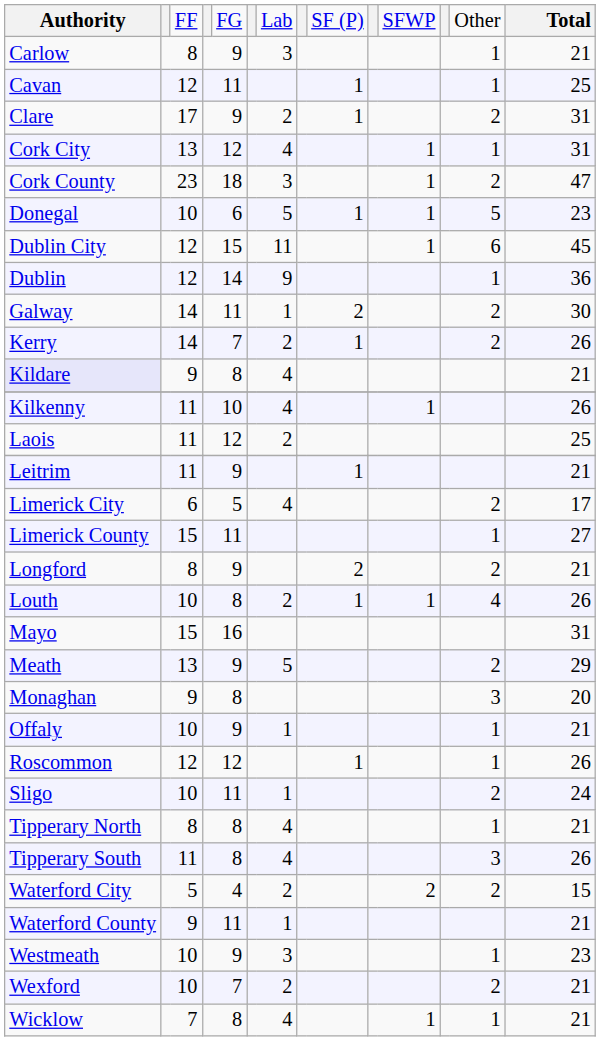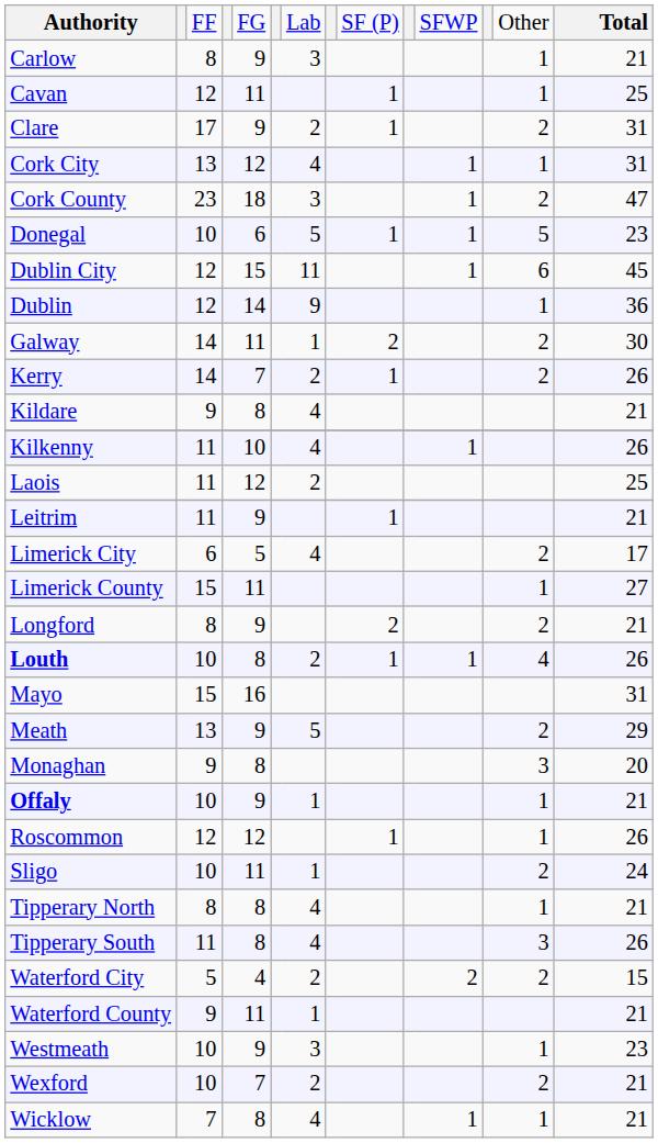 <table class="wikitable" style="text-align:right; padding-left:1em">
 <tr>
 <th align="left">Authority</th>
 <th style="background-color: "></th>
 <td><a href='#'>FF</a></td>
 <th style="background-color: "></th>
 <td><a href='#'>FG</a></td>
 <th style="background-color: "></th>
 <td><a href='#'>Lab</a></td>
 <th style="background-color: "></th>
 <td><a href='#'>SF (P)</a></td>
 <th style="background-color: "></th>
 <td><a href='#'>SFWP</a></td>
 <th style="background-color: "></th>
 <td>Other</td>
 <th style="padding-left:2em">Total</th>
 </tr>
 <tr>
 <td align="left"><a href='#'>Carlow</a></td>
 <td colspan="2">8</td>
 <td colspan="2">9</td>
 <td colspan="2">3</td>
 <td colspan="2"></td>
 <td colspan="2"></td>
 <td colspan="2">1</td>
 <td>21</td>
 </tr>
 <tr bgcolor="F3F3FF">
 <td align="left"><a href='#'>Cavan</a></td>
 <td colspan="2">12</td>
 <td colspan="2">11</td>
 <td colspan="2"></td>
 <td colspan="2">1</td>
 <td colspan="2"></td>
 <td colspan="2">1</td>
 <td>25</td>
 </tr>
 <tr>
 <td align="left"><a href='#'>Clare</a></td>
 <td colspan="2">17</td>
 <td colspan="2">9</td>
 <td colspan="2">2</td>
 <td colspan="2">1</td>
 <td colspan="2"></td>
 <td colspan="2">2</td>
 <td>31</td>
 </tr>
 <tr bgcolor="F3F3FF">
 <td align="left"><a href='#'>Cork City</a></td>
 <td colspan="2">13</td>
 <td colspan="2">12</td>
 <td colspan="2">4</td>
 <td colspan="2"></td>
 <td colspan="2">1</td>
 <td colspan="2">1</td>
 <td>31</td>
 </tr>
 <tr>
 <td align="left"><a href='#'>Cork County</a></td>
 <td colspan="2">23</td>
 <td colspan="2">18</td>
 <td colspan="2">3</td>
 <td colspan="2"></td>
 <td colspan="2">1</td>
 <td colspan="2">2</td>
 <td>47</td>
 </tr>
 <tr bgcolor="F3F3FF">
 <td align="left"><a href='#'>Donegal</a></td>
 <td colspan="2">10</td>
 <td colspan="2">6</td>
 <td colspan="2">5</td>
 <td colspan="2">1</td>
 <td colspan="2">1</td>
 <td colspan="2">5 </td>
 <td>23</td>
 </tr>
 <tr>
 <td align="left"><a href='#'>Dublin City</a></td>
 <td colspan="2">12</td>
 <td colspan="2">15</td>
 <td colspan="2">11</td>
 <td colspan="2"></td>
 <td colspan="2">1</td>
 <td colspan="2">6 </td>
 <td>45</td>
 </tr>
 <tr bgcolor="F3F3FF">
 <td align="left"><a href='#'>Dublin</a></td>
 <td colspan="2">12</td>
 <td colspan="2">14</td>
 <td colspan="2">9</td>
 <td colspan="2"></td>
 <td colspan="2"></td>
 <td colspan="2">1</td>
 <td>36</td>
 </tr>
 <tr>
 <td align="left"><a href='#'>Galway</a></td>
 <td colspan="2">14</td>
 <td colspan="2">11</td>
 <td colspan="2">1</td>
 <td colspan="2">2</td>
 <td colspan="2"></td>
 <td colspan="2">2</td>
 <td>30</td>
 </tr>
 <tr bgcolor="F3F3FF">
 <td align="left"><a href='#'>Kerry</a></td>
 <td colspan="2">14</td>
 <td colspan="2">7</td>
 <td colspan="2">2</td>
 <td colspan="2">1</td>
 <td colspan="2"></td>
 <td colspan="2">2</td>
 <td>26</td>
 </tr>
 <tr>
-<td align="left" style="background: lavender;"><a href='#'>Kildare</a></td>
+<td align="left"><a href='#'>Kildare</a></td>
 <td colspan="2">9</td>
 <td colspan="2">8</td>
 <td colspan="2">4</td>
 <td colspan="2"></td>
 <td colspan="2"></td>
 <td colspan="2"></td>
 <td>21</td>
 </tr>
 <tr>
 </tr>
 <tr bgcolor="F3F3FF">
 <td align="left"><a href='#'>Kilkenny</a></td>
 <td colspan="2">11</td>
 <td colspan="2">10</td>
 <td colspan="2">4</td>
 <td colspan="2"></td>
 <td colspan="2">1</td>
 <td colspan="2"></td>
 <td>26</td>
 </tr>
 <tr>
 <td align="left"><a href='#'>Laois</a></td>
 <td colspan="2">11</td>
 <td colspan="2">12</td>
 <td colspan="2">2</td>
 <td colspan="2"></td>
 <td colspan="2"></td>
 <td colspan="2"></td>
 <td>25</td>
 </tr>
 <tr>
 </tr>
 <tr bgcolor="F3F3FF">
 <td align="left"><a href='#'>Leitrim</a></td>
 <td colspan="2">11</td>
 <td colspan="2">9</td>
 <td colspan="2"></td>
 <td colspan="2">1</td>
 <td colspan="2"></td>
 <td colspan="2"></td>
 <td>21</td>
 </tr>
 <tr>
 <td align="left"><a href='#'>Limerick City</a></td>
 <td colspan="2">6</td>
 <td colspan="2">5</td>
 <td colspan="2">4</td>
 <td colspan="2"></td>
 <td colspan="2"></td>
 <td colspan="2">2</td>
 <td>17</td>
 </tr>
 <tr bgcolor="F3F3FF">
 <td align="left"><a href='#'>Limerick County</a></td>
 <td colspan="2">15</td>
 <td colspan="2">11</td>
 <td colspan="2"></td>
 <td colspan="2"></td>
 <td colspan="2"></td>
 <td colspan="2">1</td>
 <td>27</td>
 </tr>
 <tr>
 <td align="left"><a href='#'>Longford</a></td>
 <td colspan="2">8</td>
 <td colspan="2">9</td>
 <td colspan="2"></td>
 <td colspan="2">2</td>
 <td colspan="2"></td>
 <td colspan="2">2</td>
 <td>21</td>
 </tr>
 <tr bgcolor="F3F3FF">
-<td align="left"><a href='#'>Louth</a></td>
+<td align="left"><strong><a href='#'>Louth</a></strong></td>
 <td colspan="2">10</td>
 <td colspan="2">8</td>
 <td colspan="2">2</td>
 <td colspan="2">1</td>
 <td colspan="2">1</td>
 <td colspan="2">4</td>
 <td>26</td>
 </tr>
 <tr>
 <td align="left"><a href='#'>Mayo</a></td>
 <td colspan="2">15</td>
 <td colspan="2">16</td>
 <td colspan="2"></td>
 <td colspan="2"></td>
 <td colspan="2"></td>
 <td colspan="2"></td>
 <td>31</td>
 </tr>
 <tr bgcolor="F3F3FF">
 <td align="left"><a href='#'>Meath</a></td>
 <td colspan="2">13</td>
 <td colspan="2">9</td>
 <td colspan="2">5</td>
 <td colspan="2"></td>
 <td colspan="2"></td>
 <td colspan="2">2</td>
 <td>29</td>
 </tr>
 <tr>
 <td align="left"><a href='#'>Monaghan</a></td>
 <td colspan="2">9</td>
 <td colspan="2">8</td>
 <td colspan="2"></td>
 <td colspan="2"></td>
 <td colspan="2"></td>
 <td colspan="2">3 </td>
 <td>20</td>
 </tr>
 <tr bgcolor="F3F3FF">
-<td align="left"><a href='#'>Offaly</a></td>
+<td align="left"><strong><a href='#'>Offaly</a></strong></td>
 <td colspan="2">10</td>
 <td colspan="2">9</td>
 <td colspan="2">1</td>
 <td colspan="2"></td>
 <td colspan="2"></td>
 <td colspan="2">1</td>
 <td>21</td>
 </tr>
 <tr>
 <td align="left"><a href='#'>Roscommon</a></td>
 <td colspan="2">12</td>
 <td colspan="2">12</td>
 <td colspan="2"></td>
 <td colspan="2">1</td>
 <td colspan="2"></td>
 <td colspan="2">1</td>
 <td>26</td>
 </tr>
 <tr bgcolor="F3F3FF">
 <td align="left"><a href='#'>Sligo</a></td>
 <td colspan="2">10</td>
 <td colspan="2">11</td>
 <td colspan="2">1</td>
 <td colspan="2"></td>
 <td colspan="2"></td>
 <td colspan="2">2</td>
 <td>24</td>
 </tr>
 <tr>
 <td align="left"><a href='#'>Tipperary North</a></td>
 <td colspan="2">8</td>
 <td colspan="2">8</td>
 <td colspan="2">4</td>
 <td colspan="2"></td>
 <td colspan="2"></td>
 <td colspan="2">1</td>
 <td>21</td>
 </tr>
 <tr bgcolor="F3F3FF">
 <td align="left"><a href='#'>Tipperary South</a></td>
 <td colspan="2">11</td>
 <td colspan="2">8</td>
 <td colspan="2">4</td>
 <td colspan="2"></td>
 <td colspan="2"></td>
 <td colspan="2">3</td>
 <td>26</td>
 </tr>
 <tr>
 <td align="left"><a href='#'>Waterford City</a></td>
 <td colspan="2">5</td>
 <td colspan="2">4</td>
 <td colspan="2">2</td>
 <td colspan="2"></td>
 <td colspan="2">2</td>
 <td colspan="2">2</td>
 <td>15</td>
 </tr>
 <tr bgcolor="F3F3FF">
 <td align="left"><a href='#'>Waterford County</a></td>
 <td colspan="2">9</td>
 <td colspan="2">11</td>
 <td colspan="2">1</td>
 <td colspan="2"></td>
 <td colspan="2"></td>
 <td colspan="2"></td>
 <td>21</td>
 </tr>
 <tr>
 <td align="left"><a href='#'>Westmeath</a></td>
 <td colspan="2">10</td>
 <td colspan="2">9</td>
 <td colspan="2">3</td>
 <td colspan="2"></td>
 <td colspan="2"></td>
 <td colspan="2">1</td>
 <td>23</td>
 </tr>
 <tr bgcolor="F3F3FF">
 <td align="left"><a href='#'>Wexford</a></td>
 <td colspan="2">10</td>
 <td colspan="2">7</td>
 <td colspan="2">2</td>
 <td colspan="2"></td>
 <td colspan="2"></td>
 <td colspan="2">2</td>
 <td>21</td>
 </tr>
 <tr>
 <td align="left"><a href='#'>Wicklow</a></td>
 <td colspan="2">7</td>
 <td colspan="2">8</td>
 <td colspan="2">4</td>
 <td colspan="2"></td>
 <td colspan="2">1</td>
 <td colspan="2">1</td>
 <td>21</td>
 </tr>
 </table>
